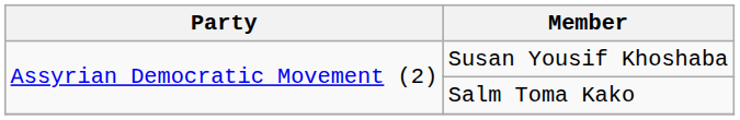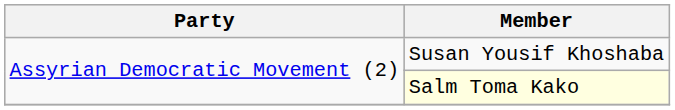 <table class=wikitable>
 <tr>
 <th>Party</th>
 <th>Member</th>
 </tr>
 <tr>
 <td rowspan=2><a href='#'>Assyrian Democratic Movement</a> (2)</td>
 <td>Susan Yousif Khoshaba</td>
 </tr>
 <tr>
-<td>Salm Toma Kako</td>
+<td style="background: lightyellow;">Salm Toma Kako</td>
 </tr>
 <tr>
 </tr>
 </table>
